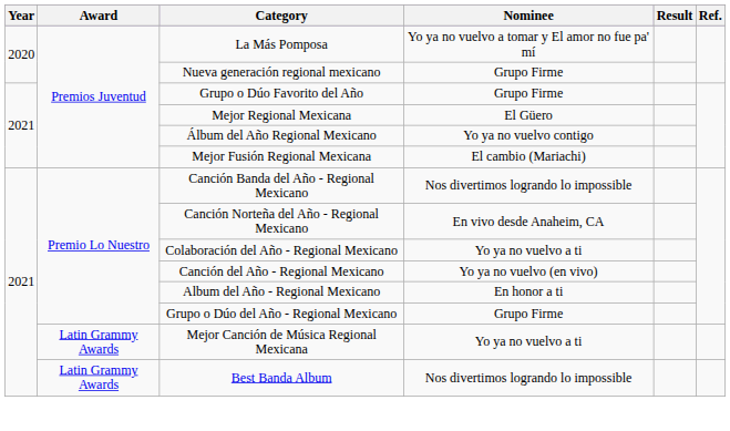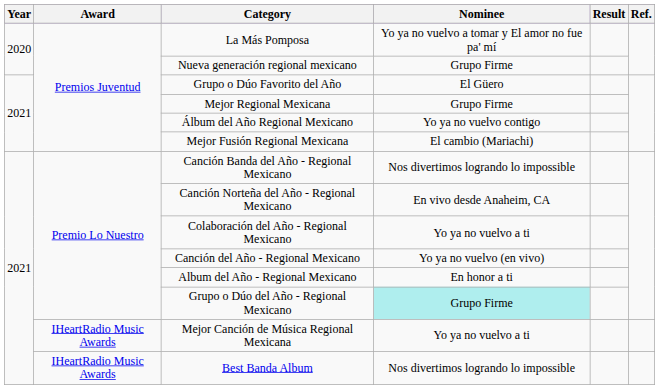 <table class="wikitable plainrowheaders" style="text-align:center;">
 <tr style="background:#96c;">
 <th scope="col">Year</th>
 <th scope="col">Award</th>
 <th scope="col">Category</th>
 <th scope="col">Nominee</th>
 <th scope="col">Result</th>
 <th scope="col">Ref.</th>
 </tr>
 <tr>
 <td rowspan="2">2020</td>
 <td rowspan="6"><a href='#'>Premios Juventud</a></td>
 <td>La Más Pomposa</td>
 <td>Yo ya no vuelvo a tomar y El amor no fue pa' mí</td>
 <td></td>
 <td rowspan="2"></td>
 </tr>
 <tr>
 <td>Nueva generación regional mexicano</td>
 <td>Grupo Firme</td>
 <td></td>
 </tr>
 <tr>
 <td rowspan="4">2021</td>
 <td>Grupo o Dúo Favorito del Año</td>
-<td>Grupo Firme</td>
+<td>El Güero</td>
 <td></td>
 <td rowspan="4"></td>
 </tr>
 <tr>
 <td>Mejor  Regional Mexicana</td>
-<td>El Güero</td>
+<td>Grupo Firme</td>
 <td></td>
 </tr>
 <tr>
 <td>Álbum del Año Regional Mexicano</td>
 <td>Yo ya no vuelvo contigo</td>
 <td></td>
 </tr>
 <tr>
 <td>Mejor Fusión Regional Mexicana</td>
 <td>El cambio (Mariachi)</td>
 <td></td>
 </tr>
 <tr>
 <td rowspan="8">2021</td>
 <td rowspan="6"><a href='#'>Premio Lo Nuestro</a></td>
 <td>Canción Banda del Año - Regional Mexicano</td>
 <td>Nos divertimos logrando lo impossible</td>
 <td></td>
 <td rowspan="6"></td>
 </tr>
 <tr>
 <td>Canción Norteña del Año - Regional Mexicano</td>
 <td>En vivo desde Anaheim, CA</td>
 <td></td>
 </tr>
 <tr>
 <td>Colaboración del Año - Regional Mexicano</td>
 <td>Yo ya no vuelvo a ti</td>
 <td></td>
 </tr>
 <tr>
 <td>Canción del Año - Regional Mexicano</td>
 <td>Yo ya no vuelvo (en vivo)</td>
 <td></td>
 </tr>
 <tr>
 <td>Album del Año - Regional Mexicano</td>
 <td>En honor a ti</td>
 <td></td>
 </tr>
 <tr>
 <td>Grupo o Dúo del Año - Regional Mexicano</td>
-<td>Grupo Firme</td>
+<td style="background: paleturquoise;">Grupo Firme</td>
 <td></td>
 </tr>
 <tr>
-<td><a href='#'>Latin Grammy Awards</a></td>
+<td><a href='#'>IHeartRadio Music Awards</a></td>
 <td>Mejor Canción de Música Regional Mexicana</td>
 <td>Yo ya no vuelvo a ti</td>
 <td></td>
 <td></td>
 </tr>
 <tr>
-<td><a href='#'>Latin Grammy Awards</a></td>
+<td><a href='#'>IHeartRadio Music Awards</a></td>
 <td><a href='#'>Best Banda Album</a></td>
 <td>Nos divertimos logrando lo impossible</td>
 <td></td>
 <td></td>
 </tr>
 </table>
